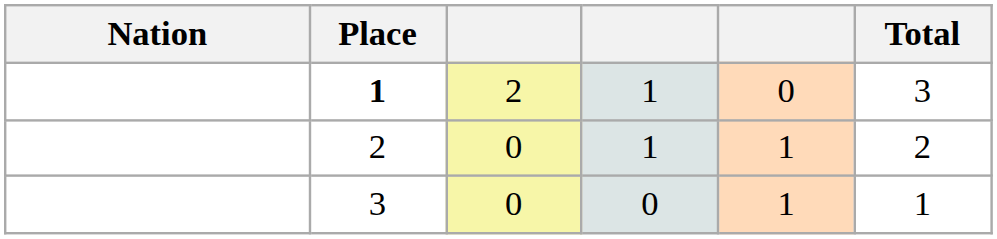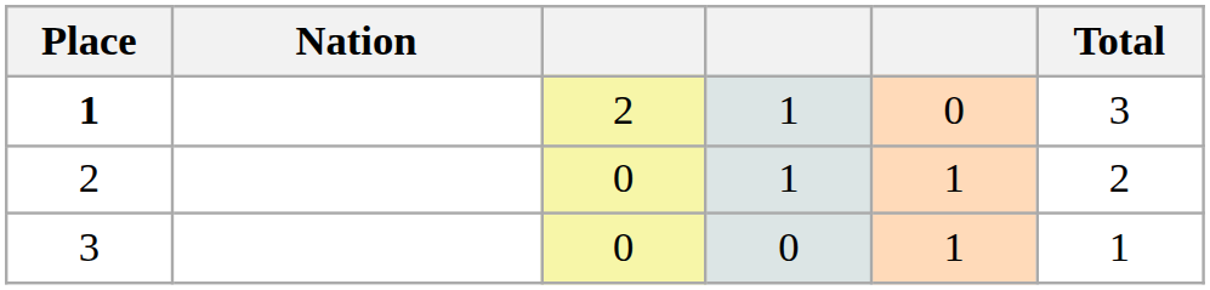 <table class=wikitable style="border:1px solid #AAAAAA;font-size:90%">
 <tr bgcolor="#EFEFEF">
+<th width=50>Place</th>
 <th width=120>Nation</th>
-<th width=50>Place</th>
 <th width=50></th>
 <th width=50></th>
 <th width=50></th>
 <th width=50>Total</th>
 </tr>
 <tr align="center" valign="top" bgcolor="#FFFFFF">
+<td><strong>1</strong></td>
 <td align="left"><strong></strong></td>
-<td><strong>1</strong></td>
 <td style="background:#F7F6A8;">2</td>
 <td style="background:#DCE5E5;">1</td>
 <td style="background:#FFDAB9;">0</td>
 <td>3</td>
 </tr>
 <tr align="center" valign="top" bgcolor="#FFFFFF">
+<td>2</td>
 <td align="left"></td>
-<td>2</td>
 <td style="background:#F7F6A8;">0</td>
 <td style="background:#DCE5E5;">1</td>
 <td style="background:#FFDAB9;">1</td>
 <td>2</td>
 </tr>
 <tr align="center" valign="top" bgcolor="#FFFFFF">
+<td>3</td>
 <td align="left"></td>
-<td>3</td>
 <td style="background:#F7F6A8;">0</td>
 <td style="background:#DCE5E5;">0</td>
 <td style="background:#FFDAB9;">1</td>
 <td>1</td>
 </tr>
 </table>
